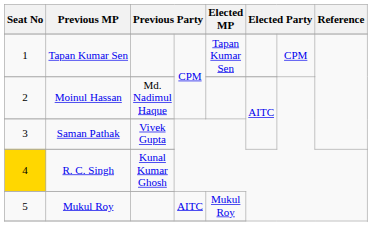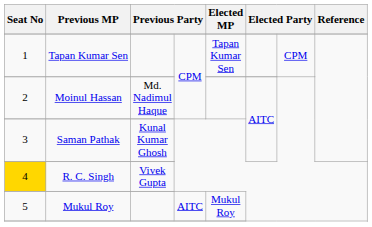 <table class="wikitable">
 <tr>
 <th>Seat No</th>
 <th>Previous MP</th>
 <th colspan=2>Previous Party</th>
 <th>Elected MP</th>
 <th colspan=2>Elected Party</th>
 <th>Reference</th>
 </tr>
 <tr>
 </tr>
 <tr style="text-align:center;">
 <td>1</td>
 <td><a href='#'>Tapan Kumar Sen</a></td>
 <td width="1px"></td>
 <td rowspan=4><a href='#'>CPM</a></td>
 <td><a href='#'>Tapan Kumar Sen</a></td>
 <td width="1px"></td>
 <td><a href='#'>CPM</a></td>
 <td rowspan=5></td>
 </tr>
 <tr>
 </tr>
 <tr style="text-align:center;">
 <td>2</td>
 <td><a href='#'>Moinul Hassan</a></td>
 <td>Md. <a href='#'>Nadimul Haque</a></td>
 <td width="1px"></td>
 <td rowspan=4><a href='#'>AITC</a></td>
 </tr>
 <tr>
 </tr>
 <tr style="text-align:center;">
 <td>3</td>
 <td><a href='#'>Saman Pathak</a></td>
-<td><a href='#'>Vivek Gupta</a></td>
+<td><a href='#'>Kunal Kumar Ghosh</a></td>
 </tr>
 <tr>
 </tr>
 <tr style="text-align:center;">
 <td style="background: gold;">4</td>
 <td><a href='#'>R. C. Singh</a></td>
-<td><a href='#'>Kunal Kumar Ghosh</a></td>
+<td><a href='#'>Vivek Gupta</a></td>
 </tr>
 <tr>
 </tr>
 <tr style="text-align:center;">
 <td>5</td>
 <td><a href='#'>Mukul Roy</a></td>
 <td width="1px"></td>
 <td><a href='#'>AITC</a></td>
 <td><a href='#'>Mukul Roy</a></td>
 </tr>
 <tr>
 </tr>
 </table>
